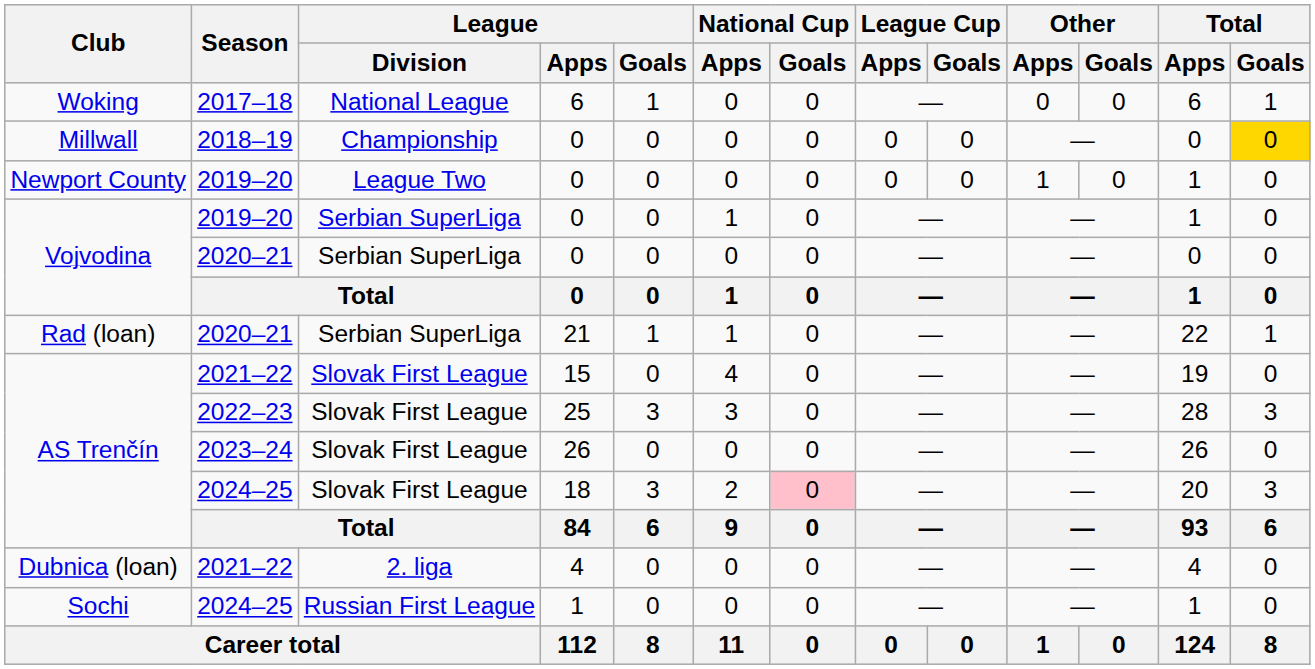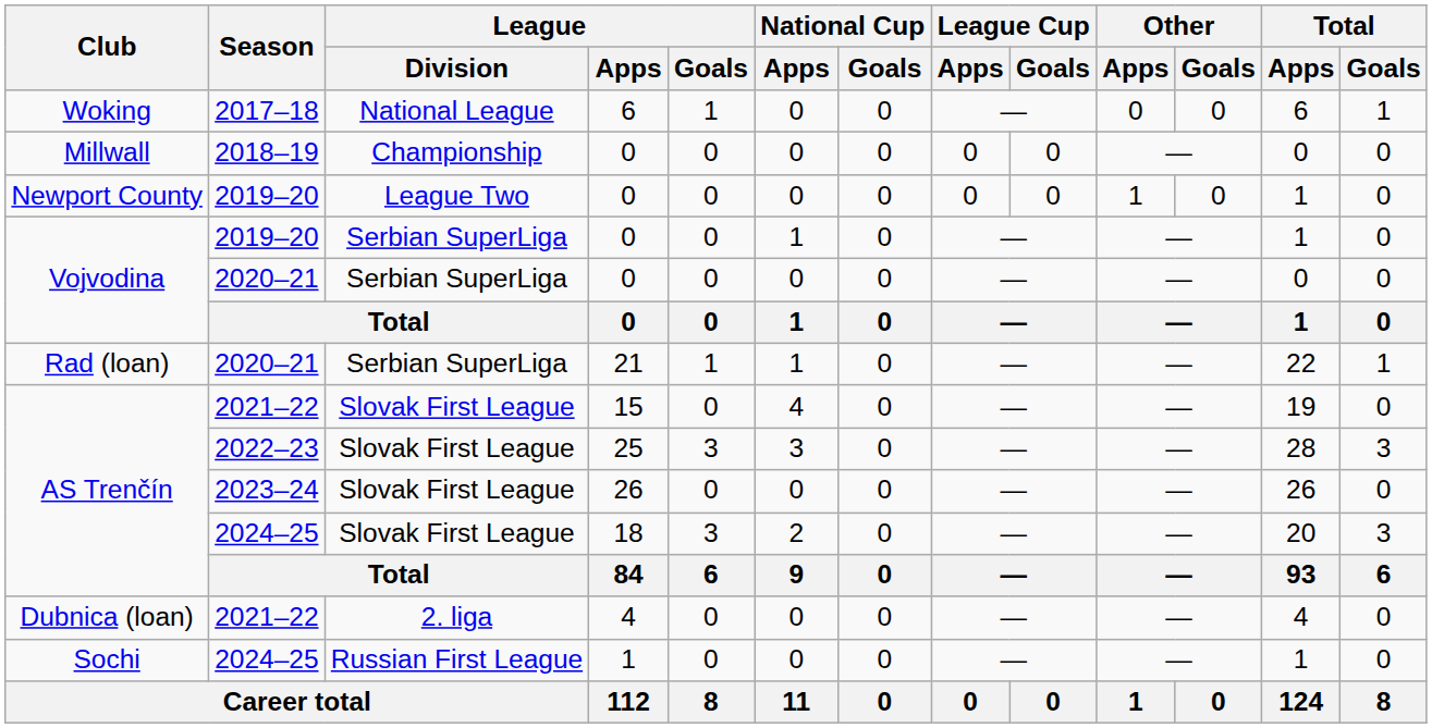 <table class="wikitable" style="text-align:center">
 <tr>
 <th rowspan="2">Club</th>
 <th rowspan="2">Season</th>
 <th colspan="3">League</th>
 <th colspan="2">National Cup</th>
 <th colspan="2">League Cup</th>
 <th colspan="2">Other</th>
 <th colspan="2">Total</th>
 </tr>
 <tr>
 <th>Division</th>
 <th>Apps</th>
 <th>Goals</th>
 <th>Apps</th>
 <th>Goals</th>
 <th>Apps</th>
 <th>Goals</th>
 <th>Apps</th>
 <th>Goals</th>
 <th>Apps</th>
 <th>Goals</th>
 </tr>
 <tr>
 <td><a href='#'>Woking</a></td>
 <td><a href='#'>2017–18</a></td>
 <td><a href='#'>National League</a></td>
 <td>6</td>
 <td>1</td>
 <td>0</td>
 <td>0</td>
 <td colspan="2">—</td>
 <td>0</td>
 <td>0</td>
 <td>6</td>
 <td>1</td>
 </tr>
 <tr>
 <td><a href='#'>Millwall</a></td>
 <td><a href='#'>2018–19</a></td>
 <td><a href='#'>Championship</a></td>
 <td>0</td>
 <td>0</td>
 <td>0</td>
 <td>0</td>
 <td>0</td>
 <td>0</td>
 <td colspan="2">—</td>
 <td>0</td>
-<td style="background: gold;">0</td>
+<td>0</td>
 </tr>
 <tr>
 <td><a href='#'>Newport County</a></td>
 <td><a href='#'>2019–20</a></td>
 <td><a href='#'>League Two</a></td>
 <td>0</td>
 <td>0</td>
 <td>0</td>
 <td>0</td>
 <td>0</td>
 <td>0</td>
 <td>1</td>
 <td>0</td>
 <td>1</td>
 <td>0</td>
 </tr>
 <tr>
 <td rowspan="3"><a href='#'>Vojvodina</a></td>
 <td><a href='#'>2019–20</a></td>
 <td><a href='#'>Serbian SuperLiga</a></td>
 <td>0</td>
 <td>0</td>
 <td>1</td>
 <td>0</td>
 <td colspan="2">—</td>
 <td colspan="2">—</td>
 <td>1</td>
 <td>0</td>
 </tr>
 <tr>
 <td><a href='#'>2020–21</a></td>
 <td>Serbian SuperLiga</td>
 <td>0</td>
 <td>0</td>
 <td>0</td>
 <td>0</td>
 <td colspan="2">—</td>
 <td colspan="2">—</td>
 <td>0</td>
 <td>0</td>
 </tr>
 <tr>
 <th colspan=2>Total</th>
 <th>0</th>
 <th>0</th>
 <th>1</th>
 <th>0</th>
 <th colspan="2">—</th>
 <th colspan="2">—</th>
 <th>1</th>
 <th>0</th>
 </tr>
 <tr>
 <td><a href='#'>Rad</a> (loan)</td>
 <td><a href='#'>2020–21</a></td>
 <td>Serbian SuperLiga</td>
 <td>21</td>
 <td>1</td>
 <td>1</td>
 <td>0</td>
 <td colspan="2">—</td>
 <td colspan="2">—</td>
 <td>22</td>
 <td>1</td>
 </tr>
 <tr>
 <td rowspan="5"><a href='#'>AS Trenčín</a></td>
 <td><a href='#'>2021–22</a></td>
 <td><a href='#'>Slovak First League</a></td>
 <td>15</td>
 <td>0</td>
 <td>4</td>
 <td>0</td>
 <td colspan="2">—</td>
 <td colspan="2">—</td>
 <td>19</td>
 <td>0</td>
 </tr>
 <tr>
 <td><a href='#'>2022–23</a></td>
 <td>Slovak First League</td>
 <td>25</td>
 <td>3</td>
 <td>3</td>
 <td>0</td>
 <td colspan="2">—</td>
 <td colspan="2">—</td>
 <td>28</td>
 <td>3</td>
 </tr>
 <tr>
 <td><a href='#'>2023–24</a></td>
 <td>Slovak First League</td>
 <td>26</td>
 <td>0</td>
 <td>0</td>
 <td>0</td>
 <td colspan="2">—</td>
 <td colspan="2">—</td>
 <td>26</td>
 <td>0</td>
 </tr>
 <tr>
 <td><a href='#'>2024–25</a></td>
 <td>Slovak First League</td>
 <td>18</td>
 <td>3</td>
 <td>2</td>
-<td style="background: pink;">0</td>
+<td>0</td>
 <td colspan="2">—</td>
 <td colspan="2">—</td>
 <td>20</td>
 <td>3</td>
 </tr>
 <tr>
 <th colspan=2>Total</th>
 <th>84</th>
 <th>6</th>
 <th>9</th>
 <th>0</th>
 <th colspan="2">—</th>
 <th colspan="2">—</th>
 <th>93</th>
 <th>6</th>
 </tr>
 <tr>
 <td><a href='#'>Dubnica</a> (loan)</td>
 <td><a href='#'>2021–22</a></td>
 <td><a href='#'>2. liga</a></td>
 <td>4</td>
 <td>0</td>
 <td>0</td>
 <td>0</td>
 <td colspan="2">—</td>
 <td colspan="2">—</td>
 <td>4</td>
 <td>0</td>
 </tr>
 <tr>
 <td><a href='#'>Sochi</a></td>
 <td><a href='#'>2024–25</a></td>
 <td><a href='#'>Russian First League</a></td>
 <td>1</td>
 <td>0</td>
 <td>0</td>
 <td>0</td>
 <td colspan="2">—</td>
 <td colspan="2">—</td>
 <td>1</td>
 <td>0</td>
 </tr>
 <tr>
 <th colspan=3>Career total</th>
 <th>112</th>
 <th>8</th>
 <th>11</th>
 <th>0</th>
 <th>0</th>
 <th>0</th>
 <th>1</th>
 <th>0</th>
 <th>124</th>
 <th>8</th>
 </tr>
 </table>
